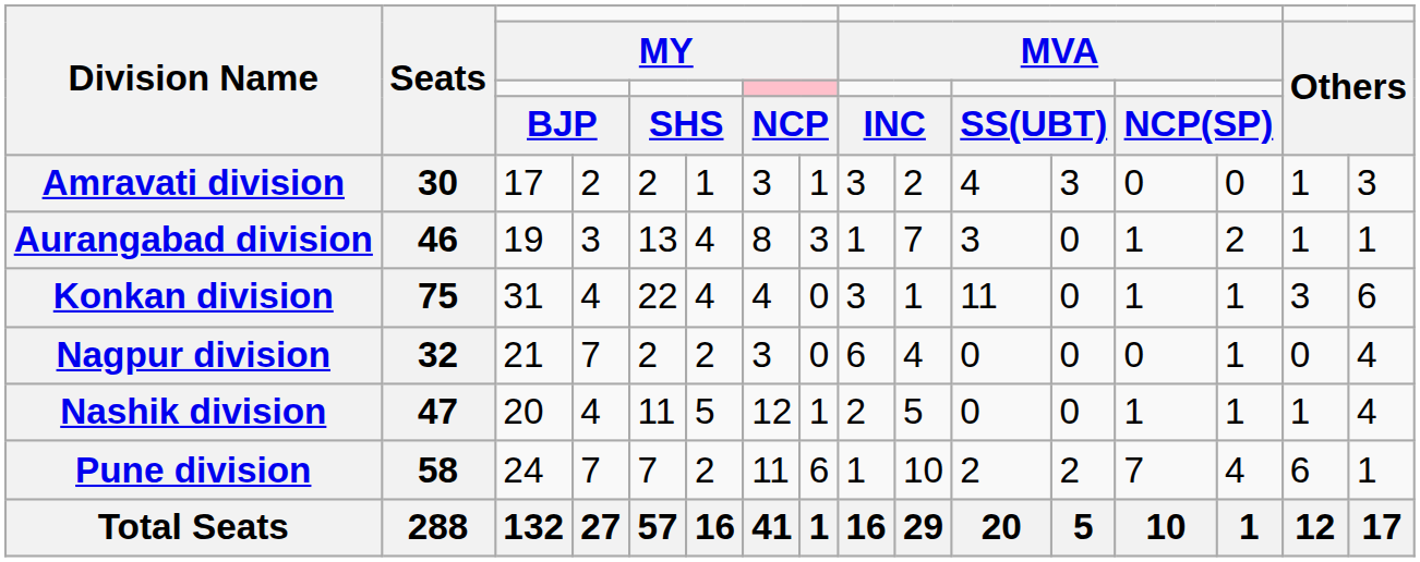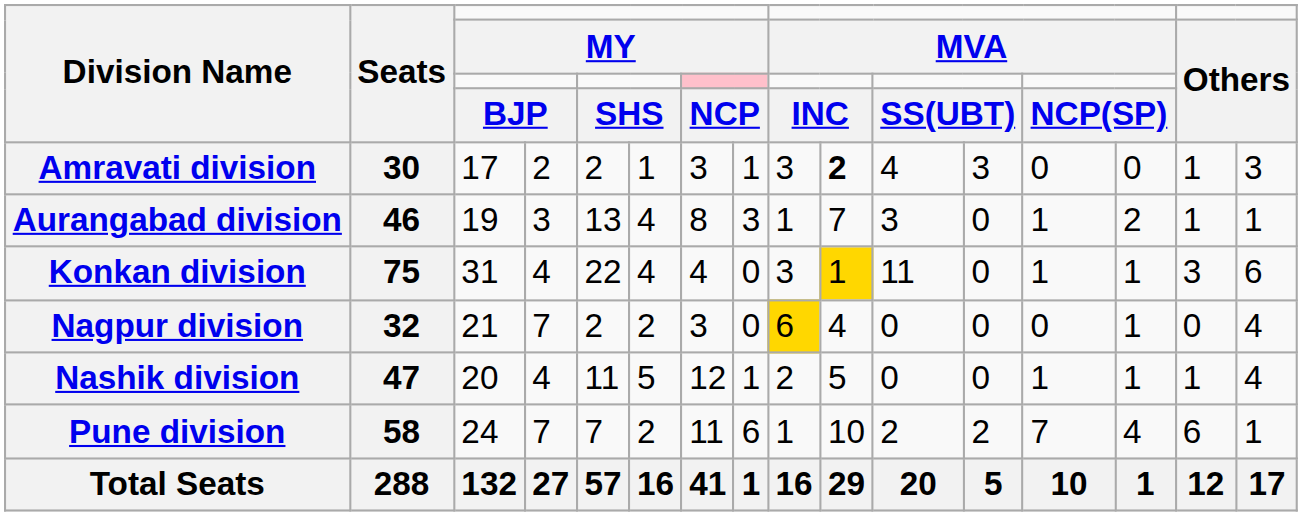 <table class="wikitable">
 <tr>
 <th rowspan="4">Division Name</th>
 <th rowspan="4">Seats</th>
 <td colspan="6" style="color:inherit;background:"></td>
 <td colspan="6" style="color:inherit;background:"></td>
 <td colspan="2" style="color:inherit;background:"></td>
 </tr>
 <tr>
 <th colspan="6"><a href='#'>MY</a></th>
 <th colspan="6"><a href='#'>MVA</a></th>
 <th colspan="2" rowspan="3">Others</th>
 </tr>
 <tr>
 <td colspan="2" style="color:inherit;background:"></td>
 <td colspan="2" style="color:inherit;background:"></td>
 <td colspan="2" style="color:inherit;background:#FFC0CB"></td>
 <td colspan="2" style="color:inherit;background:"></td>
 <td colspan="2" style="color:inherit;background:"></td>
 <td colspan="2" style="color:inherit;background:"></td>
 </tr>
 <tr>
 <th colspan="2"><a href='#'>BJP</a></th>
 <th colspan="2"><a href='#'>SHS</a></th>
 <th colspan="2"><a href='#'>NCP</a></th>
 <th colspan="2"><a href='#'>INC</a></th>
 <th colspan="2"><a href='#'>SS(UBT)</a></th>
 <th colspan="2"><a href='#'>NCP(SP)</a></th>
 </tr>
 <tr>
 <th><a href='#'>Amravati division</a></th>
 <th>30</th>
 <td>17</td>
 <td> 2</td>
 <td>2</td>
 <td> 1</td>
 <td>3</td>
 <td> 1</td>
 <td>3</td>
-<td> 2</td>
+<td><strong> 2</strong></td>
 <td>4</td>
 <td> 3</td>
 <td>0</td>
 <td> 0</td>
 <td>1</td>
 <td>3</td>
 </tr>
 <tr>
 <th><a href='#'>Aurangabad division</a></th>
 <th>46</th>
 <td>19</td>
 <td>3</td>
 <td>13</td>
 <td>4</td>
 <td>8</td>
 <td>3</td>
 <td>1</td>
 <td>7</td>
 <td>3</td>
 <td> 0</td>
 <td>1</td>
 <td> 2</td>
 <td>1</td>
 <td>1</td>
 </tr>
 <tr>
 <th><a href='#'>Konkan division</a></th>
 <th>75</th>
 <td>31</td>
 <td>4</td>
 <td>22</td>
 <td>4</td>
 <td>4</td>
 <td>0</td>
 <td>3</td>
-<td>1</td>
+<td style="background: gold;">1</td>
 <td>11</td>
 <td> 0</td>
 <td>1</td>
 <td> 1</td>
 <td>3</td>
 <td>6</td>
 </tr>
 <tr>
 <th><a href='#'>Nagpur division</a></th>
 <th>32</th>
 <td>21</td>
 <td>7</td>
 <td>2</td>
 <td>2</td>
 <td>3</td>
 <td>0</td>
-<td>6</td>
+<td style="background: gold;">6</td>
 <td>4</td>
 <td>0</td>
 <td> 0</td>
 <td>0</td>
 <td> 1</td>
 <td>0</td>
 <td>4</td>
 </tr>
 <tr>
 <th><a href='#'>Nashik division</a></th>
 <th>47</th>
 <td>20</td>
 <td>4</td>
 <td>11</td>
 <td>5</td>
 <td>12</td>
 <td>1</td>
 <td>2</td>
 <td>5</td>
 <td>0</td>
 <td> 0</td>
 <td>1</td>
 <td> 1</td>
 <td>1</td>
 <td>4</td>
 </tr>
 <tr>
 <th><a href='#'>Pune division</a></th>
 <th>58</th>
 <td>24</td>
 <td>7</td>
 <td>7</td>
 <td>2</td>
 <td>11</td>
 <td>6</td>
 <td>1</td>
 <td>10</td>
 <td>2</td>
 <td> 2</td>
 <td>7</td>
 <td> 4</td>
 <td>6</td>
 <td>1</td>
 </tr>
 <tr>
 <th>Total Seats</th>
 <th>288</th>
 <th>132</th>
 <th>27</th>
 <th>57</th>
 <th>16</th>
 <th>41</th>
 <th>1</th>
 <th>16</th>
 <th>29</th>
 <th>20</th>
 <th> 5</th>
 <th>10</th>
 <th> 1</th>
 <th>12</th>
 <th>17</th>
 </tr>
 </table>
